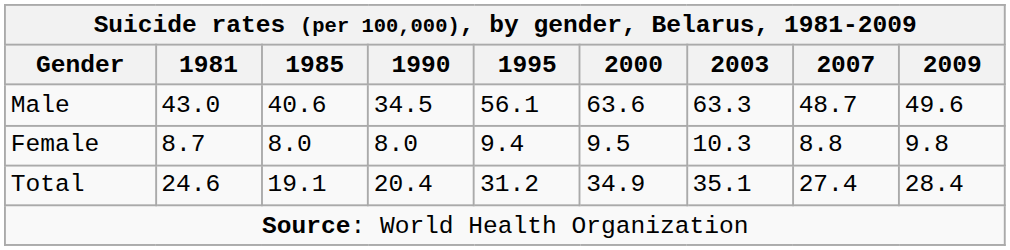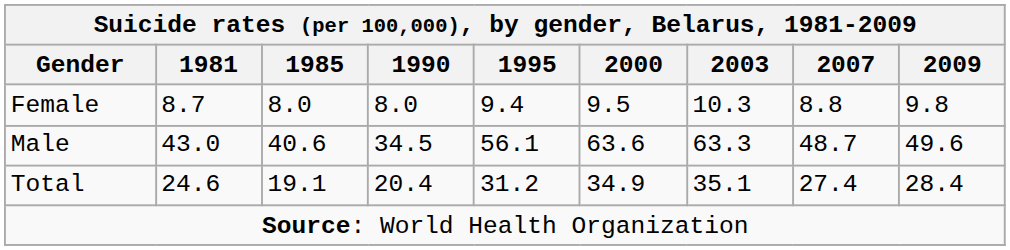 <table class="wikitable" style="width: 60%;">
 <tr>
 <th colspan="9">Suicide rates <small>(per 100,000)</small>, by gender, Belarus, 1981-2009</th>
 </tr>
 <tr>
 <th>Gender</th>
 <th>1981</th>
 <th>1985</th>
 <th>1990</th>
 <th>1995</th>
 <th>2000</th>
 <th>2003</th>
 <th>2007</th>
 <th>2009</th>
 </tr>
 <tr>
+<td>Female</td>
+<td>8.7</td>
+<td>8.0</td>
+<td>8.0</td>
+<td>9.4</td>
+<td>9.5</td>
+<td>10.3</td>
+<td>8.8</td>
+<td>9.8</td>
+</tr>
+<tr>
 <td>Male</td>
 <td>43.0</td>
 <td>40.6</td>
 <td>34.5</td>
 <td>56.1</td>
 <td>63.6</td>
 <td>63.3</td>
 <td>48.7</td>
 <td>49.6</td>
-</tr>
-<tr>
-<td>Female</td>
-<td>8.7</td>
-<td>8.0</td>
-<td>8.0</td>
-<td>9.4</td>
-<td>9.5</td>
-<td>10.3</td>
-<td>8.8</td>
-<td>9.8</td>
 </tr>
 <tr>
 <td>Total</td>
 <td>24.6</td>
 <td>19.1</td>
 <td>20.4</td>
 <td>31.2</td>
 <td>34.9</td>
 <td>35.1</td>
 <td>27.4</td>
 <td>28.4</td>
 </tr>
 <tr>
 <td colspan="9" style="text-align:center;"><strong>Source</strong>: World Health Organization</td>
 </tr>
 </table>
